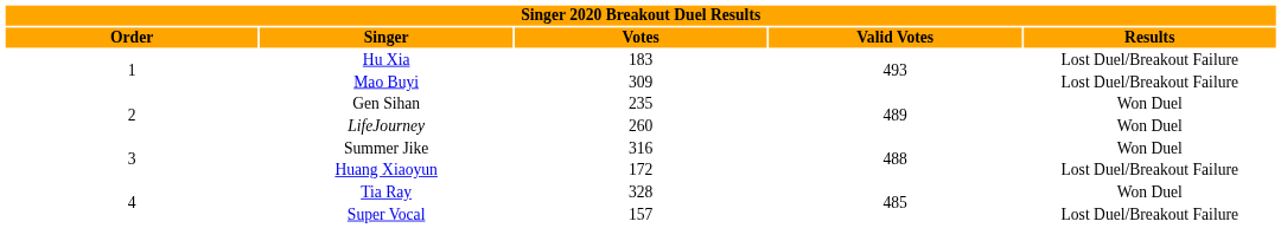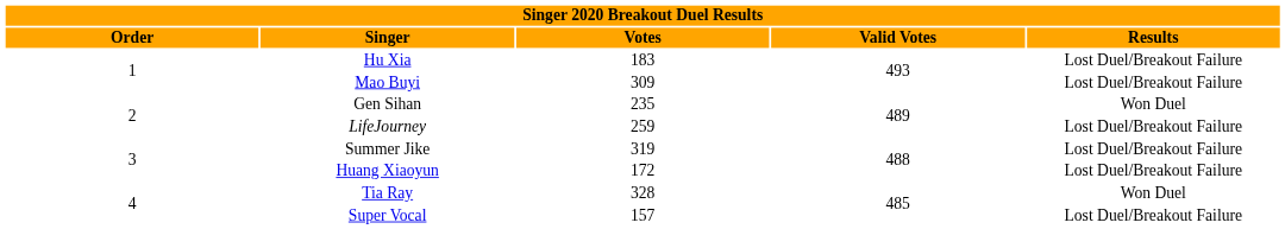 <table width="100%" style="text-align:center">
 <tr style="background:orange">
 <td colspan="9"><div><strong>Singer 2020 Breakout Duel Results</strong></div></td>
 </tr>
 <tr style="background:orange">
 <th style="width:20%">Order</th>
 <th style="width:20%">Singer</th>
 <th style="width:20%">Votes</th>
 <th style="width:20%">Valid Votes</th>
 <th style="width:20%">Results</th>
 </tr>
 <tr>
 <td rowspan=2>1</td>
 <td><a href='#'>Hu Xia</a></td>
 <td>183</td>
 <td rowspan=2>493</td>
 <td>Lost Duel/Breakout Failure</td>
 </tr>
 <tr>
 <td><a href='#'>Mao Buyi</a></td>
 <td>309</td>
 <td>Lost Duel/Breakout Failure</td>
 </tr>
 <tr>
 <td rowspan=2>2</td>
 <td>Gen Sihan</td>
 <td>235</td>
 <td rowspan=2>489</td>
 <td>Won Duel</td>
 </tr>
 <tr>
 <td><em>LifeJourney</em></td>
-<td>260</td>
-<td>Won Duel</td>
+<td>259</td>
+<td>Lost Duel/Breakout Failure</td>
 </tr>
 <tr>
 <td rowspan=2>3</td>
 <td>Summer Jike</td>
-<td>316</td>
+<td>319</td>
 <td rowspan=2>488</td>
-<td>Won Duel</td>
+<td>Lost Duel/Breakout Failure</td>
 </tr>
 <tr>
 <td><a href='#'>Huang Xiaoyun</a></td>
 <td>172</td>
 <td>Lost Duel/Breakout Failure</td>
 </tr>
 <tr>
 <td rowspan=2>4</td>
 <td><a href='#'>Tia Ray</a></td>
 <td>328</td>
 <td rowspan=2>485</td>
 <td>Won Duel</td>
 </tr>
 <tr>
 <td><a href='#'>Super Vocal</a></td>
 <td>157</td>
 <td>Lost Duel/Breakout Failure</td>
 </tr>
 </table>
